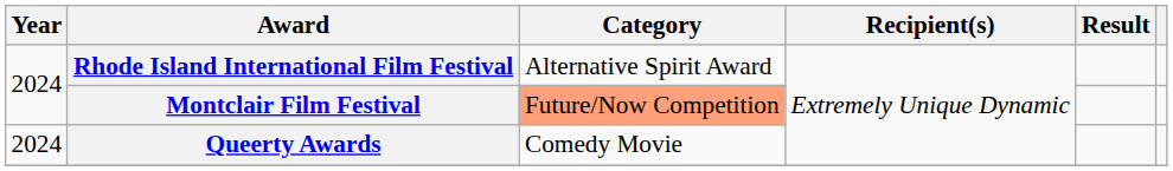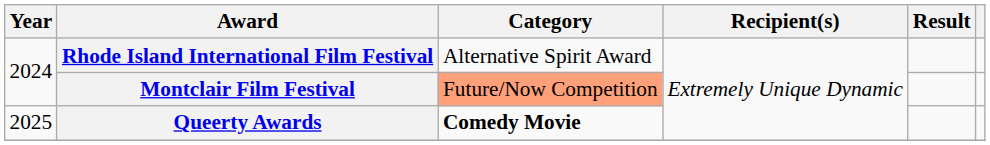 <table class="wikitable plainrowheaders sortable">
 <tr>
 <th scope="col">Year</th>
 <th scope="col">Award</th>
 <th scope="col">Category</th>
 <th scope="col">Recipient(s)</th>
 <th scope="col">Result</th>
 <th scope="col" class="unsortable"></th>
 </tr>
 <tr>
 <td rowspan="2">2024</td>
 <th scope="row" rowspan="1"><a href='#'>Rhode Island International Film Festival</a></th>
 <td>Alternative Spirit Award</td>
 <td rowspan="3"><em>Extremely Unique Dynamic</em></td>
 <td></td>
 <td style="text-align:center;" rowspan="1"></td>
 </tr>
 <tr>
 <th scope="row" rowspan="1"><a href='#'>Montclair Film Festival</a></th>
 <td style="background: lightsalmon;">Future/Now Competition</td>
 <td></td>
 <td style="text-align:center;" rowspan="1"></td>
 </tr>
 <tr>
-<td rowspan="1">2024</td>
+<td rowspan="1">2025</td>
 <th scope="row" rowspan="1"><a href='#'>Queerty Awards</a></th>
-<td>Comedy Movie</td>
+<td><strong>Comedy Movie</strong></td>
 <td></td>
 <td style="text-align:center;" rowspan="1"></td>
 </tr>
 <tr>
 </tr>
 </table>
